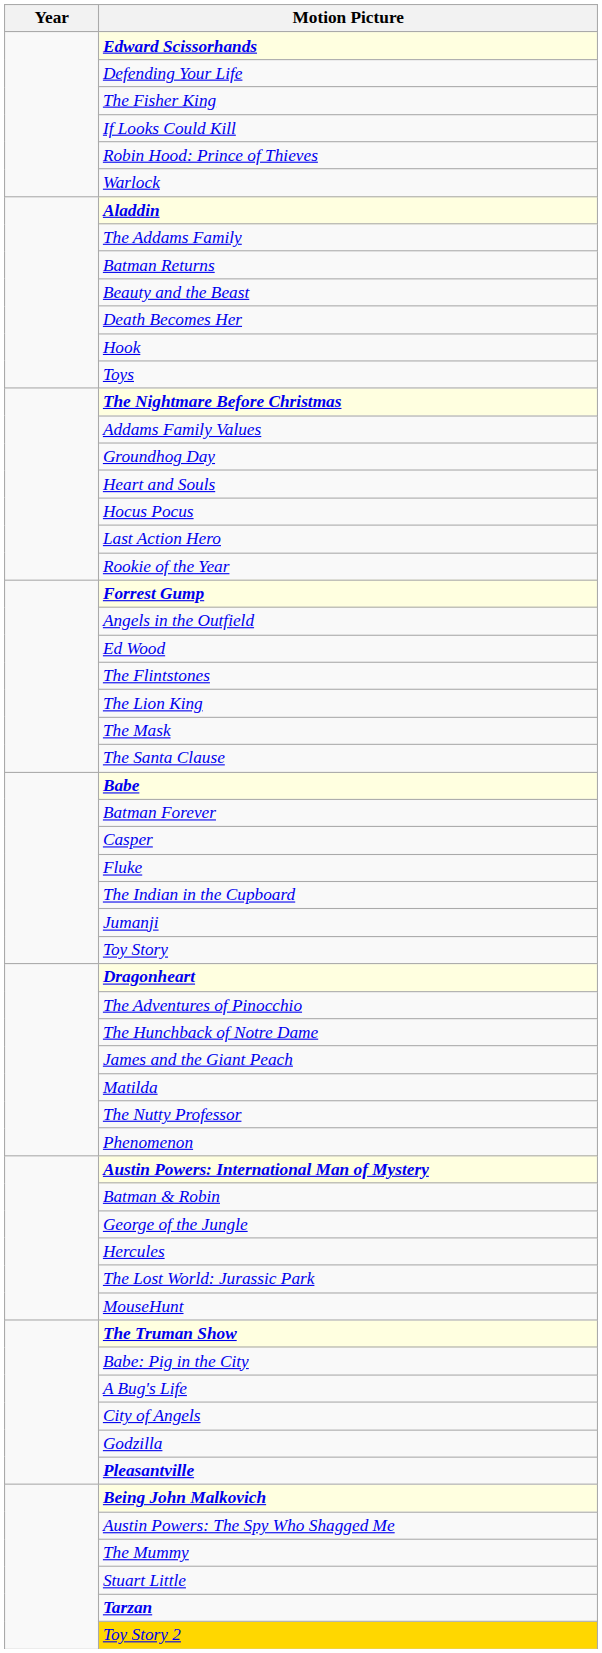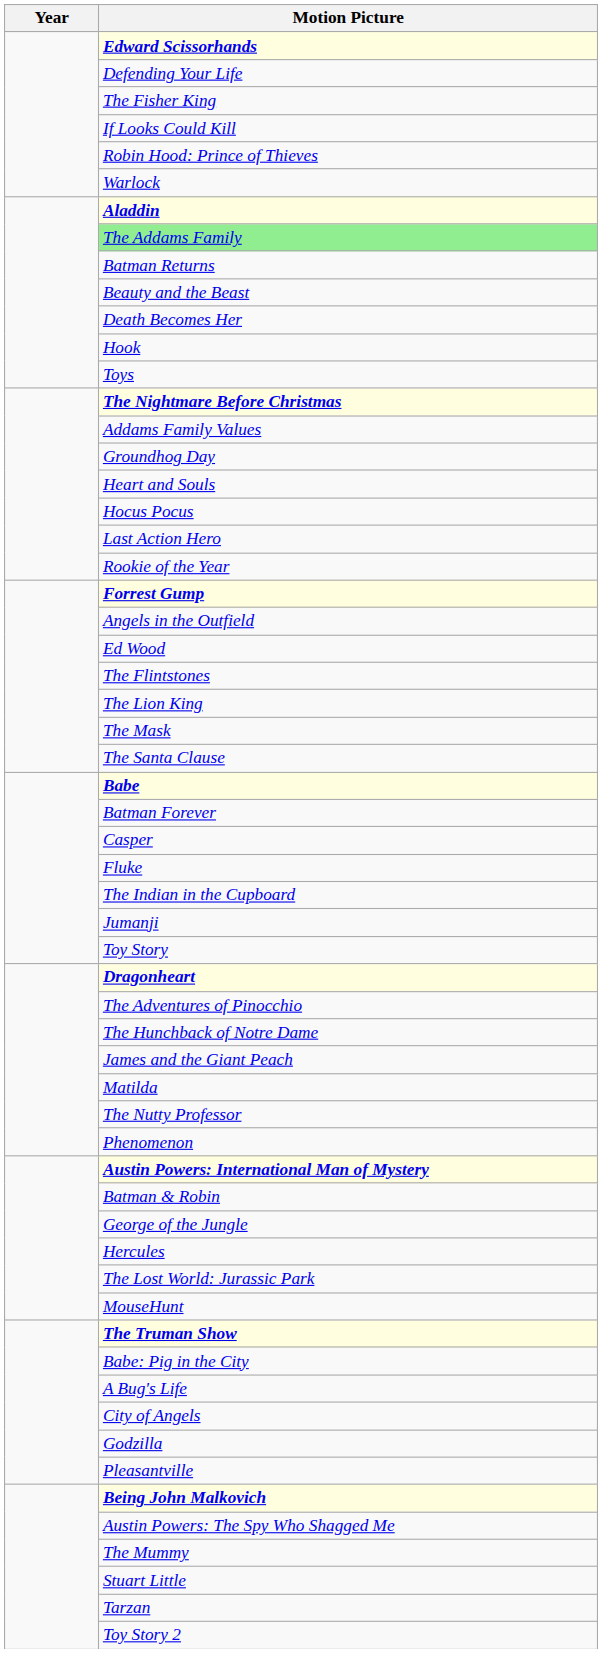 <table class="wikitable" width="550px" border="1" cellpadding="5" cellspacing="0" align="centre">
 <tr>
 <th width="80px">Year</th>
 <th>Motion Picture</th>
 </tr>
 <tr>
 <td rowspan=6></td>
 <td style="background:lightyellow"><strong><em><a href='#'>Edward Scissorhands</a></em></strong></td>
 </tr>
 <tr>
 <td><em><a href='#'>Defending Your Life</a></em></td>
 </tr>
 <tr>
 <td><em><a href='#'>The Fisher King</a></em></td>
 </tr>
 <tr>
 <td><em><a href='#'>If Looks Could Kill</a></em></td>
 </tr>
 <tr>
 <td><em><a href='#'>Robin Hood: Prince of Thieves</a></em></td>
 </tr>
 <tr>
 <td><em><a href='#'>Warlock</a></em></td>
 </tr>
 <tr>
 <td rowspan=7></td>
 <td style="background:lightyellow"><strong><em><a href='#'>Aladdin</a></em></strong></td>
 </tr>
 <tr>
-<td><em><a href='#'>The Addams Family</a></em></td>
+<td style="background: lightgreen;"><em><a href='#'>The Addams Family</a></em></td>
 </tr>
 <tr>
 <td><em><a href='#'>Batman Returns</a></em></td>
 </tr>
 <tr>
 <td><em><a href='#'>Beauty and the Beast</a></em></td>
 </tr>
 <tr>
 <td><em><a href='#'>Death Becomes Her</a></em></td>
 </tr>
 <tr>
 <td><em><a href='#'>Hook</a></em></td>
 </tr>
 <tr>
 <td><em><a href='#'>Toys</a></em></td>
 </tr>
 <tr>
 <td rowspan=7></td>
 <td style="background:lightyellow"><strong><em><a href='#'>The Nightmare Before Christmas</a></em></strong></td>
 </tr>
 <tr>
 <td><em><a href='#'>Addams Family Values</a></em></td>
 </tr>
 <tr>
 <td><em><a href='#'>Groundhog Day</a></em></td>
 </tr>
 <tr>
 <td><em><a href='#'>Heart and Souls</a></em></td>
 </tr>
 <tr>
 <td><em><a href='#'>Hocus Pocus</a></em></td>
 </tr>
 <tr>
 <td><em><a href='#'>Last Action Hero</a></em></td>
 </tr>
 <tr>
 <td><em><a href='#'>Rookie of the Year</a></em></td>
 </tr>
 <tr>
 <td rowspan=7></td>
 <td style="background:lightyellow"><strong><em><a href='#'>Forrest Gump</a></em></strong></td>
 </tr>
 <tr>
 <td><em><a href='#'>Angels in the Outfield</a></em></td>
 </tr>
 <tr>
 <td><em><a href='#'>Ed Wood</a></em></td>
 </tr>
 <tr>
 <td><em><a href='#'>The Flintstones</a></em></td>
 </tr>
 <tr>
 <td><em><a href='#'>The Lion King</a></em></td>
 </tr>
 <tr>
 <td><em><a href='#'>The Mask</a></em></td>
 </tr>
 <tr>
 <td><em><a href='#'>The Santa Clause</a></em></td>
 </tr>
 <tr>
 <td rowspan=7></td>
 <td style="background:lightyellow"><strong><em><a href='#'>Babe</a></em></strong></td>
 </tr>
 <tr>
 <td><em><a href='#'>Batman Forever</a></em></td>
 </tr>
 <tr>
 <td><em><a href='#'>Casper</a></em></td>
 </tr>
 <tr>
 <td><em><a href='#'>Fluke</a></em></td>
 </tr>
 <tr>
 <td><em><a href='#'>The Indian in the Cupboard</a></em></td>
 </tr>
 <tr>
 <td><em><a href='#'>Jumanji</a></em></td>
 </tr>
 <tr>
 <td><em><a href='#'>Toy Story</a></em></td>
 </tr>
 <tr>
 <td rowspan=7></td>
 <td style="background:lightyellow"><strong><em><a href='#'>Dragonheart</a></em></strong></td>
 </tr>
 <tr>
 <td><em><a href='#'>The Adventures of Pinocchio</a></em></td>
 </tr>
 <tr>
 <td><em><a href='#'>The Hunchback of Notre Dame</a></em></td>
 </tr>
 <tr>
 <td><em><a href='#'>James and the Giant Peach</a></em></td>
 </tr>
 <tr>
 <td><em><a href='#'>Matilda</a></em></td>
 </tr>
 <tr>
 <td><em><a href='#'>The Nutty Professor</a></em></td>
 </tr>
 <tr>
 <td><em><a href='#'>Phenomenon</a></em></td>
 </tr>
 <tr>
 <td rowspan=6></td>
 <td style="background:lightyellow"><strong><em><a href='#'>Austin Powers: International Man of Mystery</a></em></strong></td>
 </tr>
 <tr>
 <td><em><a href='#'>Batman & Robin</a></em></td>
 </tr>
 <tr>
 <td><em><a href='#'>George of the Jungle</a></em></td>
 </tr>
 <tr>
 <td><em><a href='#'>Hercules</a></em></td>
 </tr>
 <tr>
 <td><em><a href='#'>The Lost World: Jurassic Park</a></em></td>
 </tr>
 <tr>
 <td><em><a href='#'>MouseHunt</a></em></td>
 </tr>
 <tr>
 <td rowspan=6></td>
 <td style="background:lightyellow"><strong><em><a href='#'>The Truman Show</a></em></strong></td>
 </tr>
 <tr>
 <td><em><a href='#'>Babe: Pig in the City</a></em></td>
 </tr>
 <tr>
 <td><em><a href='#'>A Bug's Life</a></em></td>
 </tr>
 <tr>
 <td><em><a href='#'>City of Angels</a></em></td>
 </tr>
 <tr>
 <td><em><a href='#'>Godzilla</a></em></td>
 </tr>
 <tr>
-<td><strong><em><a href='#'>Pleasantville</a></em></strong></td>
+<td><em><a href='#'>Pleasantville</a></em></td>
 </tr>
 <tr>
 <td rowspan=6></td>
 <td style="background:lightyellow"><strong><em><a href='#'>Being John Malkovich</a></em></strong></td>
 </tr>
 <tr>
 <td><em><a href='#'>Austin Powers: The Spy Who Shagged Me</a></em></td>
 </tr>
 <tr>
 <td><em><a href='#'>The Mummy</a></em></td>
 </tr>
 <tr>
 <td><em><a href='#'>Stuart Little</a></em></td>
 </tr>
 <tr>
-<td><strong><em><a href='#'>Tarzan</a></em></strong></td>
+<td><em><a href='#'>Tarzan</a></em></td>
 </tr>
 <tr>
-<td style="background: gold;"><em><a href='#'>Toy Story 2</a></em></td>
+<td><em><a href='#'>Toy Story 2</a></em></td>
 </tr>
 </table>
